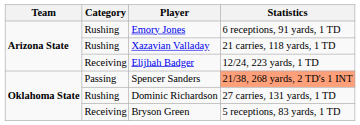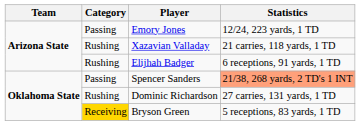 <table class="wikitable" style="float: right;">
 <tr>
 <th>Team</th>
 <th>Category</th>
 <th>Player</th>
 <th>Statistics</th>
 </tr>
 <tr>
 <td rowspan=3><strong>Arizona State</strong></td>
-<td>Rushing</td>
+<td>Passing</td>
 <td><a href='#'>Emory Jones</a></td>
-<td>6 receptions, 91 yards, 1 TD</td>
+<td>12/24, 223 yards, 1 TD</td>
 </tr>
 <tr>
 <td>Rushing</td>
 <td><a href='#'>Xazavian Valladay</a></td>
 <td>21 carries, 118 yards, 1 TD</td>
 </tr>
 <tr>
-<td>Receiving</td>
+<td>Rushing</td>
 <td><a href='#'>Elijhah Badger</a></td>
-<td>12/24, 223 yards, 1 TD</td>
+<td>6 receptions, 91 yards, 1 TD</td>
 </tr>
 <tr>
 <td rowspan=3><strong>Oklahoma State</strong></td>
 <td>Passing</td>
 <td>Spencer Sanders</td>
 <td style="background: lightsalmon;">21/38, 268 yards, 2 TD's 1 INT</td>
 </tr>
 <tr>
 <td>Rushing</td>
 <td>Dominic Richardson</td>
 <td>27 carries, 131 yards, 1 TD</td>
 </tr>
 <tr>
-<td>Receiving</td>
+<td style="background: gold;">Receiving</td>
 <td>Bryson Green</td>
 <td>5 receptions, 83 yards, 1 TD</td>
 </tr>
 </table>
